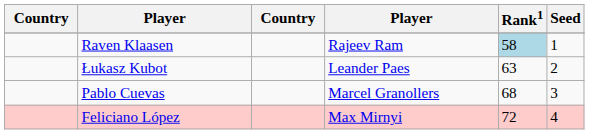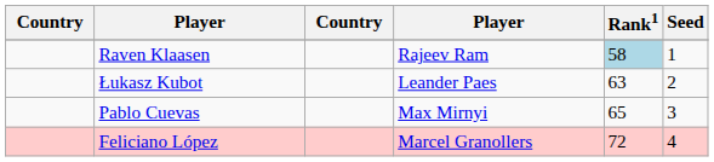 <table class="sortable wikitable">
 <tr>
 <th width="70">Country</th>
 <th width="175">Player</th>
 <th width="70">Country</th>
 <th width="175">Player</th>
 <th>Rank<sup>1</sup></th>
 <th>Seed</th>
 </tr>
 <tr style="background:#cfc;">
 </tr>
 <tr>
 <td></td>
 <td><a href='#'>Raven Klaasen</a></td>
 <td></td>
 <td><a href='#'>Rajeev Ram</a></td>
 <td style="background: lightblue;">58</td>
 <td>1</td>
 </tr>
 <tr>
 <td></td>
 <td><a href='#'>Łukasz Kubot</a></td>
 <td></td>
 <td><a href='#'>Leander Paes</a></td>
 <td>63</td>
 <td>2</td>
 </tr>
 <tr>
 <td></td>
 <td><a href='#'>Pablo Cuevas</a></td>
 <td></td>
-<td><a href='#'>Marcel Granollers</a></td>
-<td>68</td>
+<td><a href='#'>Max Mirnyi</a></td>
+<td>65</td>
 <td>3</td>
 </tr>
 <tr style="background:#fcc;">
 <td></td>
 <td><a href='#'>Feliciano López</a></td>
 <td></td>
-<td><a href='#'>Max Mirnyi</a></td>
+<td><a href='#'>Marcel Granollers</a></td>
 <td>72</td>
 <td>4</td>
 </tr>
 </table>
